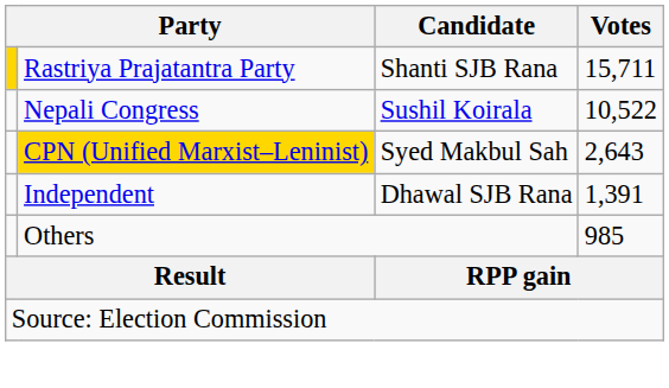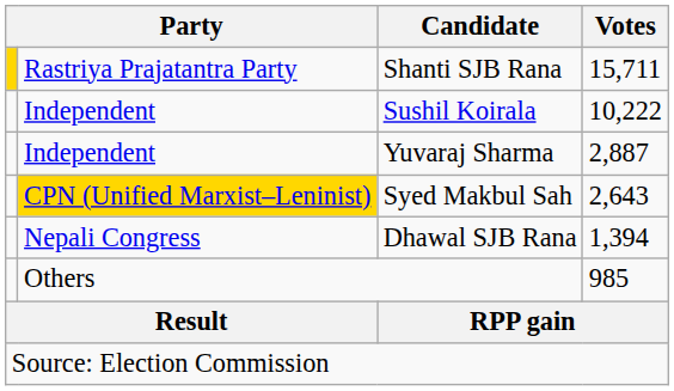 <table class="wikitable">
 <tr>
 <th colspan="2">Party</th>
 <th>Candidate</th>
 <th>Votes</th>
 </tr>
 <tr>
 <td style="background-color:gold"></td>
 <td><a href='#'>Rastriya Prajatantra Party</a></td>
 <td>Shanti SJB Rana</td>
 <td>15,711</td>
 </tr>
 <tr>
 <td style="background-color:"></td>
-<td><a href='#'>Nepali Congress</a></td>
+<td><a href='#'>Independent</a></td>
 <td><a href='#'>Sushil Koirala</a></td>
-<td>10,522</td>
+<td>10,222</td>
+</tr>
+<tr>
+<td style="background-color:"></td>
+<td><a href='#'>Independent</a></td>
+<td>Yuvaraj Sharma</td>
+<td>2,887</td>
 </tr>
 <tr>
 <td style="background-color:"></td>
 <td style="background: gold;"><a href='#'>CPN (Unified Marxist–Leninist)</a></td>
 <td>Syed Makbul Sah</td>
 <td>2,643</td>
 </tr>
 <tr>
 <td style="background-color:"></td>
-<td><a href='#'>Independent</a></td>
+<td><a href='#'>Nepali Congress</a></td>
 <td>Dhawal SJB Rana</td>
-<td>1,391</td>
+<td>1,394</td>
 </tr>
 <tr>
 <td></td>
 <td colspan="2">Others</td>
 <td>985</td>
 </tr>
 <tr>
 <th colspan="2">Result</th>
 <th colspan="2">RPP gain</th>
 </tr>
 <tr>
 <td colspan="4">Source: Election Commission</td>
 </tr>
 </table>
